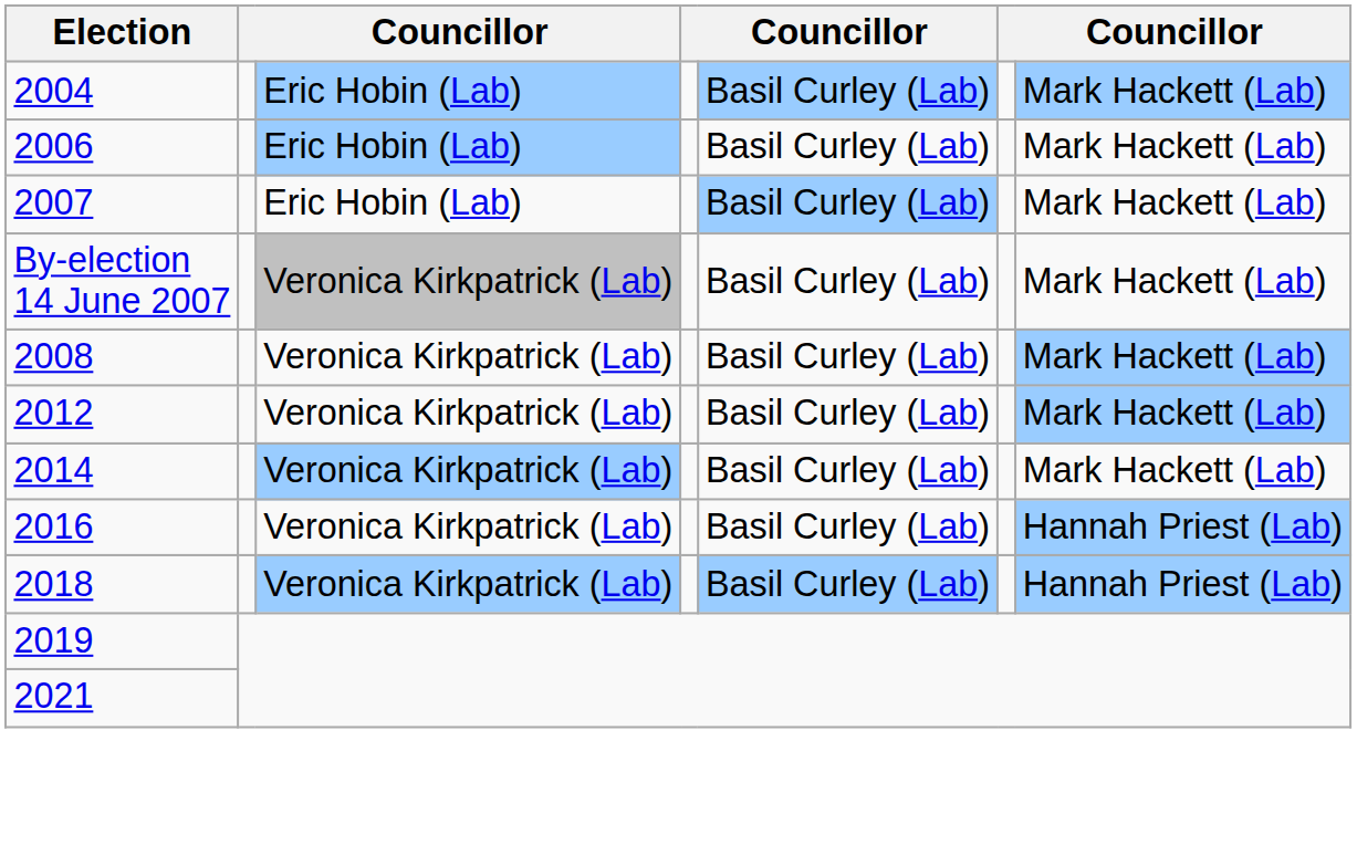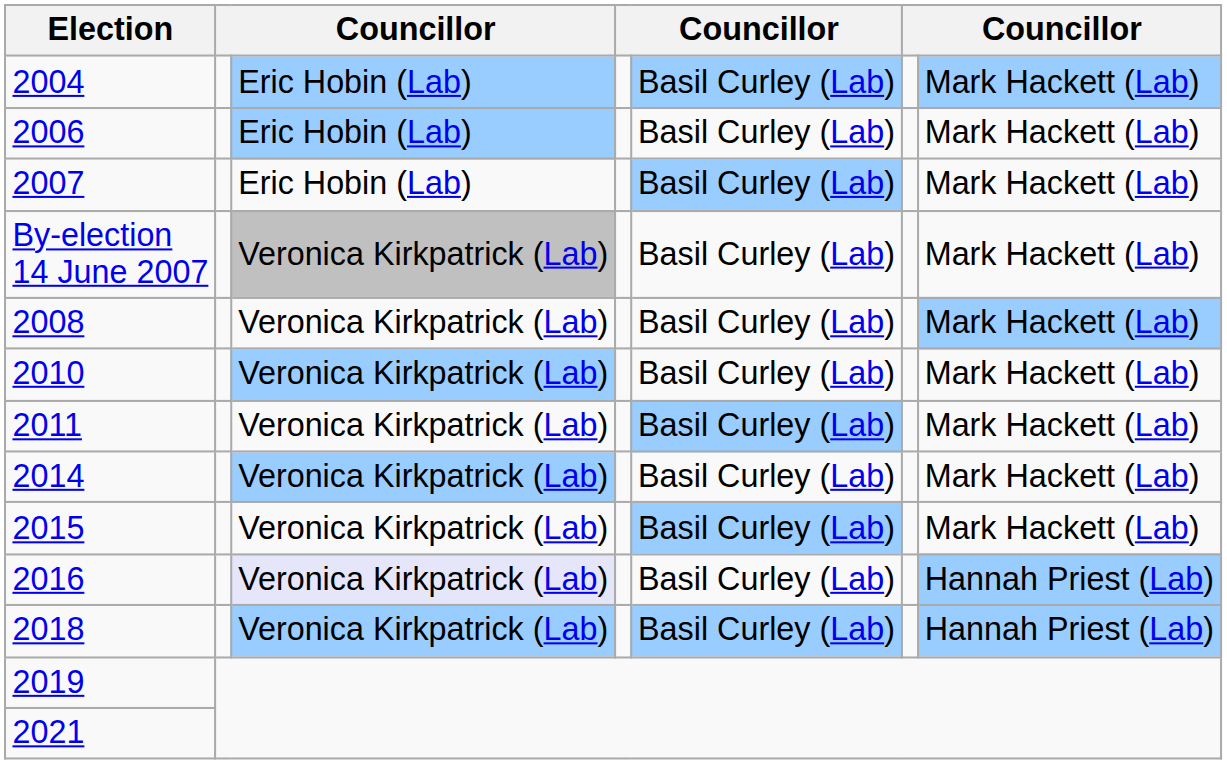 <table class="wikitable">
 <tr>
 <th>Election</th>
 <th colspan="2">Councillor</th>
 <th colspan="2">Councillor</th>
 <th colspan="2">Councillor</th>
 </tr>
 <tr>
 <td><a href='#'>2004</a></td>
 <td style="background-color: "></td>
 <td bgcolor="#99CCFF">Eric Hobin (<a href='#'>Lab</a>)</td>
 <td style="background-color: "></td>
 <td bgcolor="#99CCFF">Basil Curley (<a href='#'>Lab</a>)</td>
 <td style="background-color: "></td>
 <td bgcolor="#99CCFF">Mark Hackett (<a href='#'>Lab</a>)</td>
 </tr>
 <tr>
 <td><a href='#'>2006</a></td>
 <td style="background-color: "></td>
 <td bgcolor="#99CCFF">Eric Hobin (<a href='#'>Lab</a>)</td>
 <td style="background-color: "></td>
 <td>Basil Curley (<a href='#'>Lab</a>)</td>
 <td style="background-color: "></td>
 <td>Mark Hackett (<a href='#'>Lab</a>)</td>
 </tr>
 <tr>
 <td><a href='#'>2007</a></td>
 <td style="background-color: "></td>
 <td>Eric Hobin (<a href='#'>Lab</a>)</td>
 <td style="background-color: "></td>
 <td bgcolor="#99CCFF">Basil Curley (<a href='#'>Lab</a>)</td>
 <td style="background-color: "></td>
 <td>Mark Hackett (<a href='#'>Lab</a>)</td>
 </tr>
 <tr>
 <td><a href='#'>By-election<br>14 June 2007</a></td>
 <td style="background-color: "></td>
 <td bgcolor="#C0C0C0">Veronica Kirkpatrick (<a href='#'>Lab</a>)</td>
 <td style="background-color: "></td>
 <td>Basil Curley (<a href='#'>Lab</a>)</td>
 <td style="background-color: "></td>
 <td>Mark Hackett (<a href='#'>Lab</a>)</td>
 </tr>
 <tr>
 <td><a href='#'>2008</a></td>
 <td style="background-color: "></td>
 <td>Veronica Kirkpatrick (<a href='#'>Lab</a>)</td>
 <td style="background-color: "></td>
 <td>Basil Curley (<a href='#'>Lab</a>)</td>
 <td style="background-color: "></td>
 <td bgcolor="#99CCFF">Mark Hackett (<a href='#'>Lab</a>)</td>
 </tr>
 <tr>
-<td><a href='#'>2012</a></td>
+<td><a href='#'>2010</a></td>
+<td style="background-color: "></td>
+<td bgcolor="#99CCFF">Veronica Kirkpatrick (<a href='#'>Lab</a>)</td>
+<td style="background-color: "></td>
+<td>Basil Curley (<a href='#'>Lab</a>)</td>
+<td style="background-color: "></td>
+<td>Mark Hackett (<a href='#'>Lab</a>)</td>
+</tr>
+<tr>
+<td><a href='#'>2011</a></td>
 <td style="background-color: "></td>
 <td>Veronica Kirkpatrick (<a href='#'>Lab</a>)</td>
 <td style="background-color: "></td>
-<td>Basil Curley (<a href='#'>Lab</a>)</td>
+<td bgcolor="#99CCFF">Basil Curley (<a href='#'>Lab</a>)</td>
 <td style="background-color: "></td>
-<td bgcolor="#99CCFF">Mark Hackett (<a href='#'>Lab</a>)</td>
+<td>Mark Hackett (<a href='#'>Lab</a>)</td>
 </tr>
 <tr>
 <td><a href='#'>2014</a></td>
 <td style="background-color: "></td>
 <td bgcolor="#99CCFF">Veronica Kirkpatrick (<a href='#'>Lab</a>)</td>
 <td style="background-color: "></td>
 <td>Basil Curley (<a href='#'>Lab</a>)</td>
 <td style="background-color: "></td>
 <td>Mark Hackett (<a href='#'>Lab</a>)</td>
 </tr>
 <tr>
+<td><a href='#'>2015</a></td>
+<td style="background-color: "></td>
+<td>Veronica Kirkpatrick (<a href='#'>Lab</a>)</td>
+<td style="background-color: "></td>
+<td bgcolor="#99CCFF">Basil Curley (<a href='#'>Lab</a>)</td>
+<td style="background-color: "></td>
+<td>Mark Hackett (<a href='#'>Lab</a>)</td>
+</tr>
+<tr>
 <td><a href='#'>2016</a></td>
 <td style="background-color: "></td>
-<td>Veronica Kirkpatrick (<a href='#'>Lab</a>)</td>
+<td style="background: lavender;">Veronica Kirkpatrick (<a href='#'>Lab</a>)</td>
 <td style="background-color: "></td>
 <td>Basil Curley (<a href='#'>Lab</a>)</td>
 <td style="background-color: "></td>
 <td bgcolor="#99CCFF">Hannah Priest (<a href='#'>Lab</a>)</td>
 </tr>
 <tr>
 <td><a href='#'>2018</a></td>
 <td style="background-color: "></td>
 <td bgcolor="#99CCFF">Veronica Kirkpatrick (<a href='#'>Lab</a>)</td>
 <td style="background-color: "></td>
 <td bgcolor="#99CCFF">Basil Curley (<a href='#'>Lab</a>)</td>
 <td style="background-color: "></td>
 <td bgcolor="#99CCFF">Hannah Priest (<a href='#'>Lab</a>)</td>
 </tr>
 <tr>
 <td><a href='#'>2019</a><br>  </td>
 </tr>
 <tr>
 <td><a href='#'>2021</a><br>  </td>
 </tr>
 </table>
